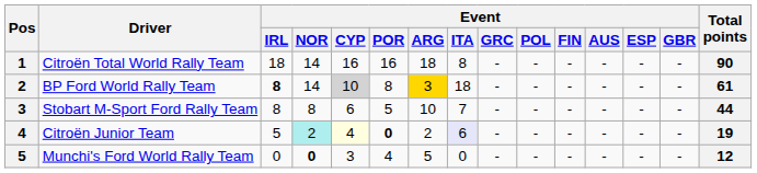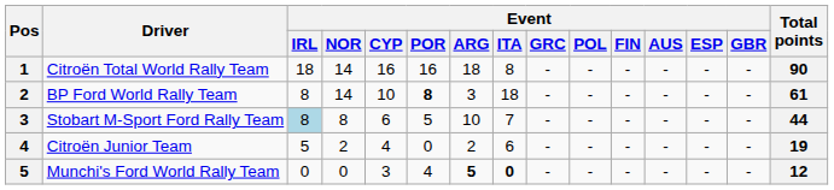 <table class="wikitable" style="text-align:center; font-size:85%;">
 <tr>
 <th rowspan=2>Pos</th>
 <th rowspan=2>Driver</th>
 <th colspan=12>Event</th>
 <th rowspan=2>Total<br>points</th>
 </tr>
 <tr valign="top">
 <th><a href='#'>IRL</a><br></th>
 <th><a href='#'>NOR</a><br></th>
 <th><a href='#'>CYP</a><br></th>
 <th><a href='#'>POR</a><br></th>
 <th><a href='#'>ARG</a><br></th>
 <th><a href='#'>ITA</a><br></th>
 <th><a href='#'>GRC</a><br></th>
 <th><a href='#'>POL</a><br></th>
 <th><a href='#'>FIN</a><br></th>
 <th><a href='#'>AUS</a><br></th>
 <th><a href='#'>ESP</a><br></th>
 <th><a href='#'>GBR</a><br></th>
 </tr>
 <tr>
 <th>1</th>
 <td align="left"> <a href='#'>Citroën Total World Rally Team</a></td>
 <td>18</td>
 <td>14</td>
 <td>16</td>
 <td>16</td>
 <td>18</td>
 <td>8</td>
 <td>-</td>
 <td>-</td>
 <td>-</td>
 <td>-</td>
 <td>-</td>
 <td>-</td>
 <th>90</th>
 </tr>
 <tr>
 <th>2</th>
 <td align="left"> <a href='#'>BP Ford World Rally Team</a></td>
+<td>8</td>
+<td>14</td>
+<td>10</td>
 <td><strong>8</strong></td>
-<td>14</td>
-<td style="background: lightgrey;">10</td>
-<td>8</td>
-<td style="background: gold;">3</td>
+<td>3</td>
 <td>18</td>
 <td>-</td>
 <td>-</td>
 <td>-</td>
 <td>-</td>
 <td>-</td>
 <td>-</td>
 <th>61</th>
 </tr>
 <tr>
 <th>3</th>
 <td align="left"> <a href='#'>Stobart M-Sport Ford Rally Team</a></td>
-<td>8</td>
+<td style="background: lightblue;">8</td>
 <td>8</td>
 <td>6</td>
 <td>5</td>
 <td>10</td>
 <td>7</td>
 <td>-</td>
 <td>-</td>
 <td>-</td>
 <td>-</td>
 <td>-</td>
 <td>-</td>
 <th>44</th>
 </tr>
 <tr>
 <th>4</th>
 <td align="left"> <a href='#'>Citroën Junior Team</a></td>
 <td>5</td>
-<td style="background: paleturquoise;">2</td>
-<td style="background: lightyellow;">4</td>
-<td><strong>0</strong></td>
 <td>2</td>
-<td style="background: lavender;">6</td>
+<td>4</td>
+<td>0</td>
+<td>2</td>
+<td>6</td>
 <td>-</td>
 <td>-</td>
 <td>-</td>
 <td>-</td>
 <td>-</td>
 <td>-</td>
 <th>19</th>
 </tr>
 <tr>
 <th>5</th>
 <td align="left"> <a href='#'>Munchi's Ford World Rally Team</a></td>
 <td>0</td>
-<td><strong>0</strong></td>
+<td>0</td>
 <td>3</td>
 <td>4</td>
-<td>5</td>
-<td>0</td>
+<td><strong>5</strong></td>
+<td><strong>0</strong></td>
 <td>-</td>
 <td>-</td>
 <td>-</td>
 <td>-</td>
 <td>-</td>
 <td>-</td>
 <th>12</th>
 </tr>
 </table>
